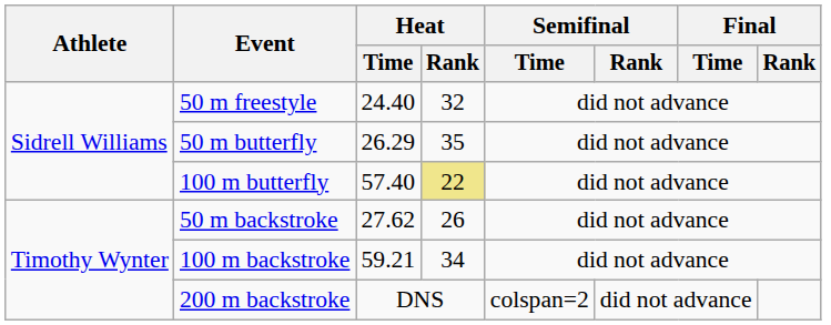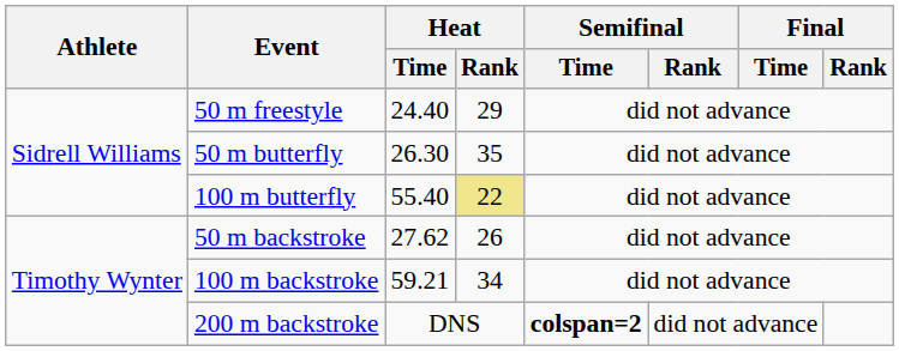 <table class=wikitable style="font-size:90%">
 <tr>
 <th rowspan=2>Athlete</th>
 <th rowspan=2>Event</th>
 <th colspan="2">Heat</th>
 <th colspan="2">Semifinal</th>
 <th colspan="2">Final</th>
 </tr>
 <tr style="font-size:95%">
 <th>Time</th>
 <th>Rank</th>
 <th>Time</th>
 <th>Rank</th>
 <th>Time</th>
 <th>Rank</th>
 </tr>
 <tr align=center>
 <td align=left rowspan=3><a href='#'>Sidrell Williams</a></td>
 <td align=left><a href='#'>50 m freestyle</a></td>
 <td>24.40</td>
-<td>32</td>
+<td>29</td>
 <td colspan=4>did not advance</td>
 </tr>
 <tr align=center>
 <td align=left><a href='#'>50 m butterfly</a></td>
-<td>26.29</td>
+<td>26.30</td>
 <td>35</td>
 <td colspan=4>did not advance</td>
 </tr>
 <tr align=center>
 <td align=left><a href='#'>100 m butterfly</a></td>
-<td>57.40</td>
+<td>55.40</td>
 <td style="background: khaki;">22</td>
 <td colspan=4>did not advance</td>
 </tr>
 <tr align=center>
 <td align=left rowspan=3><a href='#'>Timothy Wynter</a></td>
 <td align=left><a href='#'>50 m backstroke</a></td>
 <td>27.62</td>
 <td>26</td>
 <td colspan=4>did not advance</td>
 </tr>
 <tr align=center>
 <td align=left><a href='#'>100 m backstroke</a></td>
 <td>59.21</td>
 <td>34</td>
 <td colspan=4>did not advance</td>
 </tr>
 <tr align=center>
 <td align=left><a href='#'>200 m backstroke</a></td>
 <td colspan=2>DNS</td>
-<td>colspan=2 </td>
+<td><strong>colspan=2 </strong></td>
 <td colspan=2>did not advance</td>
 </tr>
 </table>
